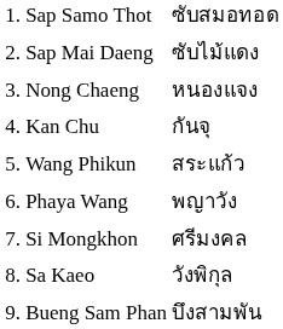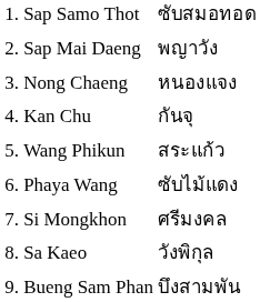 <table>
 <tr>
 <td>1.</td>
 <td>Sap Samo Thot</td>
 <td>ซับสมอทอด</td>
 <td></td>
 </tr>
 <tr>
 <td>2.</td>
 <td>Sap Mai Daeng</td>
-<td>ซับไม้แดง</td>
+<td>พญาวัง</td>
 <td></td>
 </tr>
 <tr>
 <td>3.</td>
 <td>Nong Chaeng</td>
 <td>หนองแจง</td>
 <td></td>
 </tr>
 <tr>
 <td>4.</td>
 <td>Kan Chu</td>
 <td>กันจุ</td>
 <td></td>
 </tr>
 <tr>
 <td>5.</td>
 <td>Wang Phikun</td>
 <td>สระแก้ว</td>
 <td></td>
 </tr>
 <tr>
 <td>6.</td>
 <td>Phaya Wang</td>
-<td>พญาวัง</td>
+<td>ซับไม้แดง</td>
 <td></td>
 </tr>
 <tr>
 <td>7.</td>
 <td>Si Mongkhon</td>
 <td>ศรีมงคล</td>
 <td></td>
 </tr>
 <tr>
 <td>8.</td>
 <td>Sa Kaeo</td>
 <td>วังพิกุล</td>
 <td></td>
 </tr>
 <tr>
 <td>9.</td>
 <td>Bueng Sam Phan</td>
 <td>บึงสามพัน</td>
 <td></td>
 </tr>
 </table>
